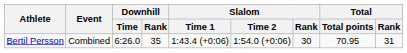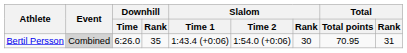 <table class="wikitable" style="font-size:90%">
 <tr>
 <th rowspan="2">Athlete</th>
 <th rowspan="2">Event</th>
 <th colspan="2">Downhill</th>
 <th colspan="3">Slalom</th>
 <th colspan="2">Total</th>
 </tr>
 <tr>
 <th>Time</th>
 <th>Rank</th>
 <th>Time 1</th>
 <th>Time 2</th>
 <th>Rank</th>
 <th>Total points</th>
 <th>Rank</th>
 </tr>
 <tr>
 <td><a href='#'>Bertil Persson</a></td>
-<td>Combined</td>
+<td style="background: lightgrey;">Combined</td>
 <td align="center">6:26.0</td>
 <td align="center">35</td>
 <td align="center">1:43.4 (+0:06)</td>
 <td align="center">1:54.0 (+0:06)</td>
 <td align="center">30</td>
 <td align="center">70.95</td>
 <td align="center">31</td>
 </tr>
 </table>
